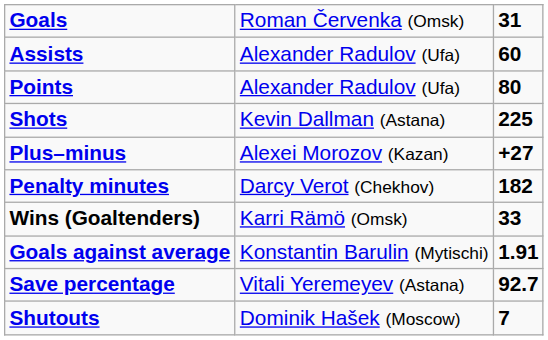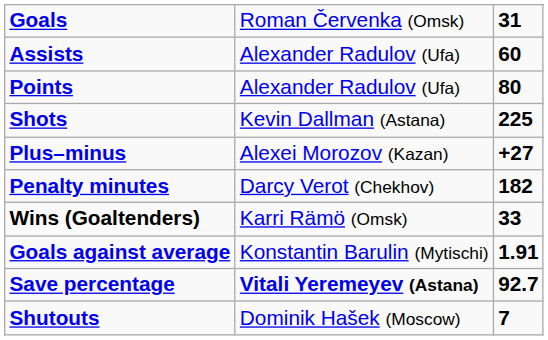 <table class="wikitable" style="text-align:left;">
 <tr>
 <td><strong><a href='#'>Goals</a></strong></td>
 <td> <a href='#'>Roman Červenka</a> <small>(Omsk)</small></td>
 <td><strong>31</strong></td>
 </tr>
 <tr>
 <td><strong><a href='#'>Assists</a></strong></td>
 <td> <a href='#'>Alexander Radulov</a> <small>(Ufa)</small><br></td>
 <td><strong>60</strong></td>
 </tr>
 <tr>
 <td><strong><a href='#'>Points</a></strong></td>
 <td> <a href='#'>Alexander Radulov</a> <small>(Ufa)</small><br></td>
 <td><strong>80</strong></td>
 </tr>
 <tr>
 <td><strong><a href='#'>Shots</a></strong></td>
 <td> <a href='#'>Kevin Dallman</a> <small>(Astana)</small></td>
 <td><strong>225</strong></td>
 </tr>
 <tr>
 <td><strong><a href='#'>Plus–minus</a></strong></td>
 <td> <a href='#'>Alexei Morozov</a> <small>(Kazan)</small><br></td>
 <td><strong>+27</strong></td>
 </tr>
 <tr>
 <td><strong><a href='#'>Penalty minutes</a></strong></td>
 <td> <a href='#'>Darcy Verot</a> <small>(Chekhov)</small></td>
 <td><strong>182</strong></td>
 </tr>
 <tr>
 <td><strong>Wins (Goaltenders)</strong></td>
 <td> <a href='#'>Karri Rämö</a> <small>(Omsk)</small></td>
 <td><strong>33</strong></td>
 </tr>
 <tr>
 <td><strong><a href='#'>Goals against average</a></strong></td>
 <td> <a href='#'>Konstantin Barulin</a> <small>(Mytischi)</small></td>
 <td><strong>1.91</strong></td>
 </tr>
 <tr>
 <td><strong><a href='#'>Save percentage</a></strong></td>
-<td> <a href='#'>Vitali Yeremeyev</a> <small>(Astana)</small></td>
+<td><strong> <a href='#'>Vitali Yeremeyev</a> <small>(Astana)</small></strong></td>
 <td><strong>92.7</strong></td>
 </tr>
 <tr>
 <td><strong><a href='#'>Shutouts</a></strong></td>
 <td> <a href='#'>Dominik Hašek</a> <small>(Moscow)</small></td>
 <td><strong>7</strong></td>
 </tr>
 </table>
